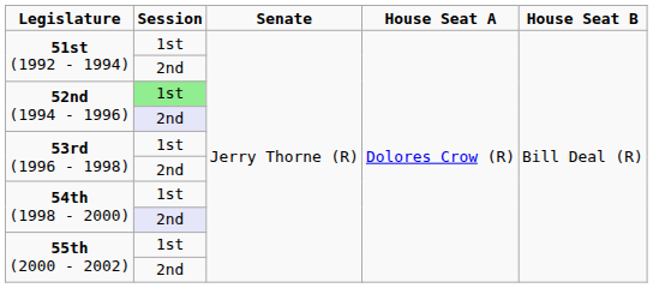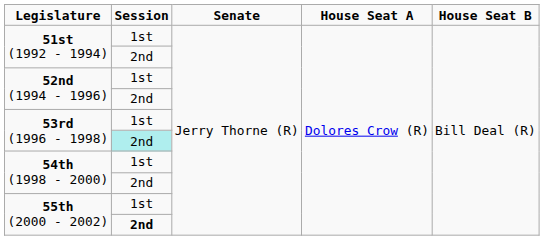 <table class=wikitable style="text-align:center">
 <tr>
 <td><strong>Legislature</strong></td>
 <td><strong>Session</strong></td>
 <td><strong>Senate</strong></td>
 <td><strong>House Seat A</strong></td>
 <td><strong>House Seat B</strong></td>
 </tr>
 <tr>
 <td rowspan="2" colspan="1" style="text-align: center;"><strong>51st</strong> <br> (1992 - 1994)</td>
 <td>1st</td>
 <td rowspan="10" colspan="1" style="text-align: center;" >Jerry Thorne (R)</td>
 <td rowspan="10" colspan="1" style="text-align: center;" ><a href='#'>Dolores Crow</a> (R)</td>
 <td rowspan="10" colspan="1" style="text-align: center;" >Bill Deal (R)</td>
 </tr>
 <tr>
 <td>2nd</td>
 </tr>
 <tr>
 <td rowspan="2" colspan="1" style="text-align: center;"><strong>52nd</strong> <br> (1994 - 1996)</td>
-<td style="background: lightgreen;">1st</td>
+<td>1st</td>
 </tr>
 <tr>
-<td style="background: lavender;">2nd</td>
+<td>2nd</td>
 </tr>
 <tr>
 <td rowspan="2" colspan="1" style="text-align: center;"><strong>53rd</strong> <br> (1996 - 1998)</td>
 <td>1st</td>
 </tr>
 <tr>
-<td>2nd</td>
+<td style="background: paleturquoise;">2nd</td>
 </tr>
 <tr>
 <td rowspan="2" colspan="1" style="text-align: center;"><strong>54th</strong> <br> (1998 - 2000)</td>
 <td>1st</td>
 </tr>
 <tr>
-<td style="background: lavender;">2nd</td>
+<td>2nd</td>
 </tr>
 <tr>
 <td rowspan="2" colspan="1" style="text-align: center;"><strong>55th</strong> <br> (2000 - 2002)</td>
 <td>1st</td>
 </tr>
 <tr>
-<td>2nd</td>
+<td><strong>2nd</strong></td>
 </tr>
 </table>
